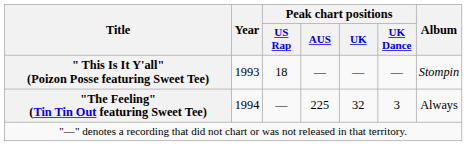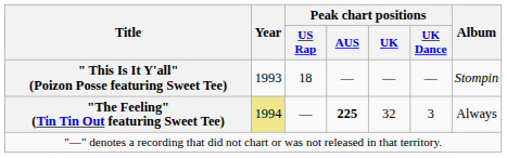 <table class="wikitable plainrowheaders" style="text-align:center;" border="1">
 <tr>
 <th scope="col" rowspan="2" style="width:18em;">Title</th>
 <th scope="col" rowspan="2">Year</th>
 <th scope="col" colspan="4">Peak chart positions</th>
 <th scope="col" rowspan="2">Album</th>
 </tr>
 <tr>
 <th scope="col" style="width:3em;font-size:90%;"><a href='#'>US Rap</a><br></th>
 <th scope="col" style="width:3em;font-size:90%;"><a href='#'>AUS</a><br></th>
 <th scope="col" style="width:3em;font-size:90%;"><a href='#'>UK</a><br></th>
 <th scope="col" style="width:3em;font-size:90%;"><a href='#'>UK Dance</a><br></th>
 </tr>
 <tr>
 <th scope="row">"	This Is It Y'all"<br><span>(Poizon Posse featuring Sweet Tee)</span></th>
 <td>1993</td>
 <td align="center">18</td>
 <td align="center">—</td>
 <td align="center">—</td>
 <td align="center">—</td>
 <td><em>Stompin<strong></td>
 </tr>
 <tr>
 <th scope="row">"The Feeling"<br><span>(<a href='#'>Tin Tin Out</a> featuring Sweet Tee)</span></th>
-<td>1994</td>
+<td style="background: khaki;">1994</td>
 <td>—</td>
-<td align="center">225</td>
+<td align="center"><strong>225</strong></td>
 <td align="center">32</td>
 <td align="center">3</td>
 <td></em>Always<em></td>
 </tr>
 <tr>
 <td colspan="7" style="font-size:90%">"—" denotes a recording that did not chart or was not released in that territory.</td>
 </tr>
 </table>
